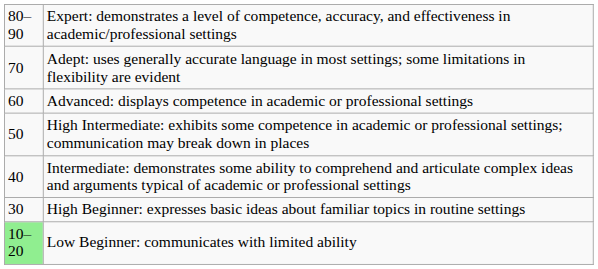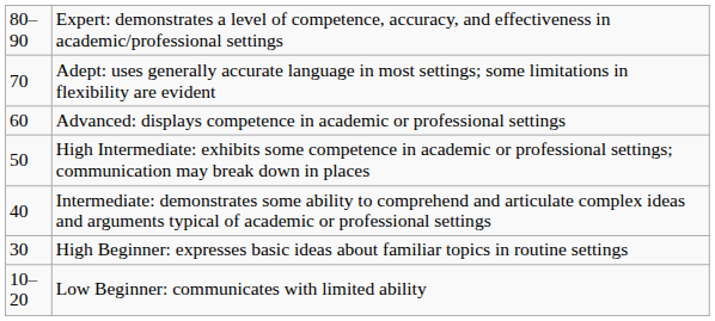 <table class="wikitable">
 <tr>
 <td>80–90</td>
 <td>Expert: demonstrates a level of competence, accuracy, and effectiveness in academic/professional settings</td>
 </tr>
 <tr>
 <td>70</td>
 <td>Adept: uses generally accurate language in most settings; some limitations in flexibility are evident</td>
 </tr>
 <tr>
 <td>60</td>
 <td>Advanced: displays competence in academic or professional settings</td>
 </tr>
 <tr>
 <td>50</td>
 <td>High Intermediate: exhibits some competence in academic or professional settings; communication may break down in places</td>
 </tr>
 <tr>
 <td>40</td>
 <td>Intermediate: demonstrates some ability to comprehend and articulate complex ideas and arguments typical of academic or professional settings</td>
 </tr>
 <tr>
 <td>30</td>
 <td>High Beginner: expresses basic ideas about familiar topics in routine settings</td>
 </tr>
 <tr>
-<td style="background: lightgreen;">10–20</td>
+<td>10–20</td>
 <td>Low Beginner: communicates with limited ability</td>
 </tr>
 </table>
